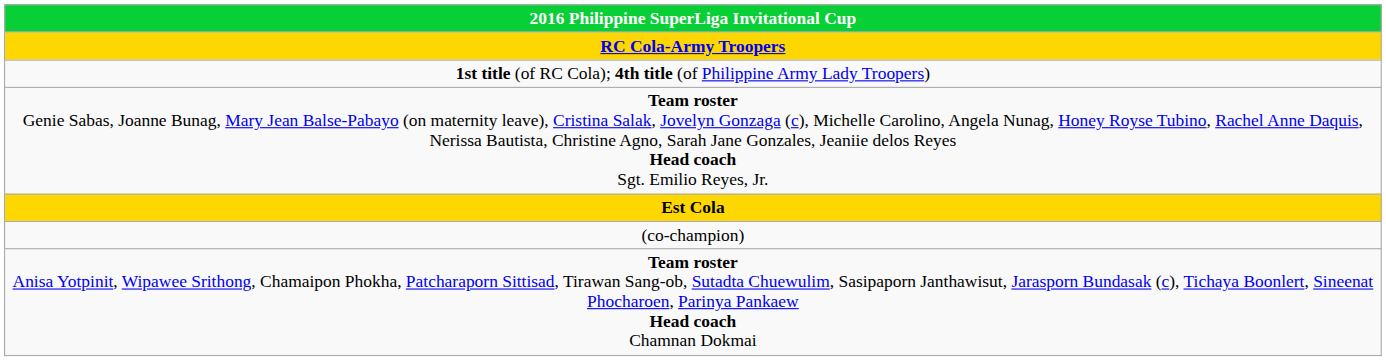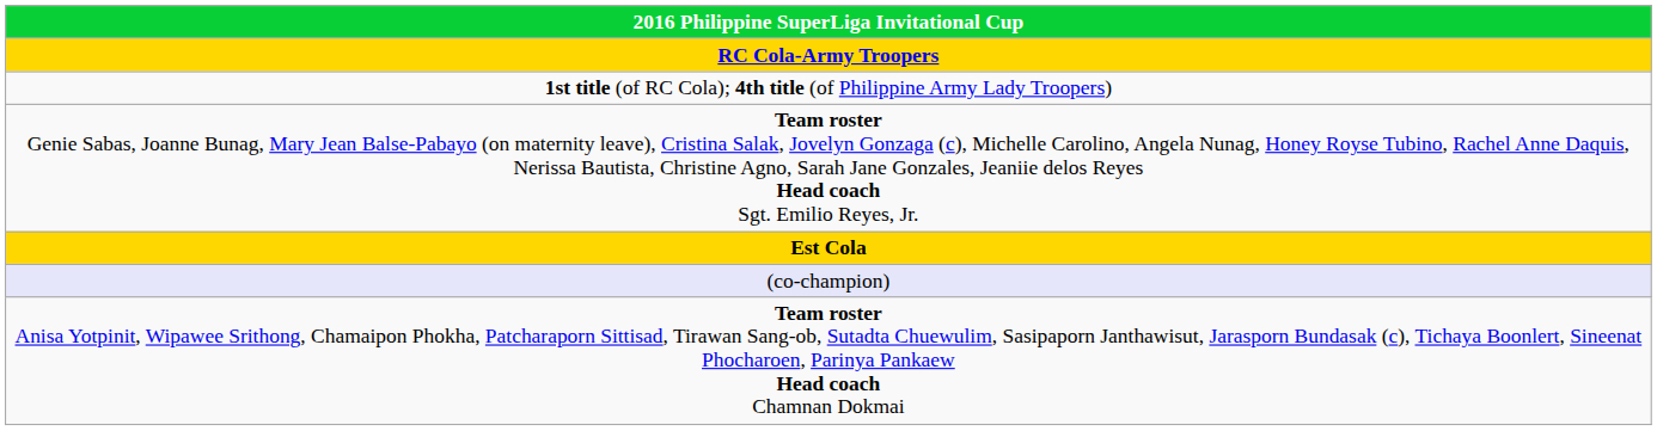 <table class=wikitable style="text-align:center; margin:auto;">
 <tr>
 <th style="background:#08CF35; color:#FFFFFF;">2016 Philippine SuperLiga Invitational Cup</th>
 </tr>
 <tr bgcolor="gold">
 <td><strong><a href='#'>RC Cola-Army Troopers</a></strong></td>
 </tr>
 <tr>
 <td><strong>1st title</strong> (of RC Cola); <strong>4th title</strong> (of <a href='#'>Philippine Army Lady Troopers</a>)</td>
 </tr>
 <tr>
 <td><strong>Team roster</strong><br>Genie Sabas, Joanne Bunag, <a href='#'>Mary Jean Balse-Pabayo</a> (on maternity leave), <a href='#'>Cristina Salak</a>, <a href='#'>Jovelyn Gonzaga</a> (<a href='#'>c</a>), Michelle Carolino, Angela Nunag, <a href='#'>Honey Royse Tubino</a>, <a href='#'>Rachel Anne Daquis</a>, Nerissa Bautista, Christine Agno, Sarah Jane Gonzales, Jeaniie delos Reyes <br><strong>Head coach</strong><br>Sgt. Emilio Reyes, Jr.</td>
 </tr>
 <tr bgcolor="gold">
 <td><strong>Est Cola</strong></td>
 </tr>
 <tr>
-<td>(co-champion)</td>
+<td style="background: lavender;">(co-champion)</td>
 </tr>
 <tr>
 <td><strong>Team roster</strong><br><a href='#'>Anisa Yotpinit</a>, <a href='#'>Wipawee Srithong</a>, Chamaipon Phokha, <a href='#'>Patcharaporn Sittisad</a>, Tirawan Sang-ob, <a href='#'>Sutadta Chuewulim</a>, Sasipaporn Janthawisut, <a href='#'>Jarasporn Bundasak</a> (<a href='#'>c</a>), <a href='#'>Tichaya Boonlert</a>, <a href='#'>Sineenat Phocharoen</a>, <a href='#'>Parinya Pankaew</a><br><strong>Head coach</strong><br>Chamnan Dokmai</td>
 </tr>
 </table>
